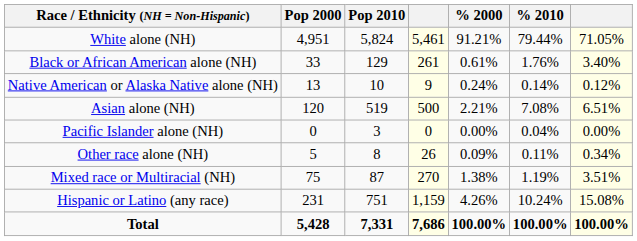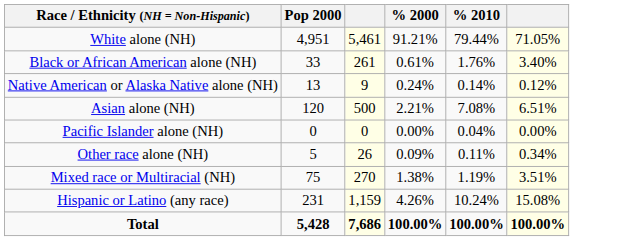 <table class="wikitable"  style="text-align:center;">
 <tr>
 <th>Race / Ethnicity <small>(<em>NH = Non-Hispanic</em>)</small></th>
 <th>Pop 2000</th>
-<th>Pop 2010</th>
 <th></th>
 <th>% 2000</th>
 <th>% 2010</th>
 <th></th>
 </tr>
 <tr>
 <td><a href='#'>White</a> alone (NH)</td>
 <td>4,951</td>
-<td>5,824</td>
 <td style='background: #ffffe6;'>5,461</td>
 <td>91.21%</td>
 <td>79.44%</td>
 <td style='background: #ffffe6;'>71.05%</td>
 </tr>
 <tr>
 <td><a href='#'>Black or African American</a> alone (NH)</td>
 <td>33</td>
-<td>129</td>
 <td style='background: #ffffe6;'>261</td>
 <td>0.61%</td>
 <td>1.76%</td>
 <td style='background: #ffffe6;'>3.40%</td>
 </tr>
 <tr>
 <td><a href='#'>Native American</a> or <a href='#'>Alaska Native</a> alone (NH)</td>
 <td>13</td>
-<td>10</td>
 <td style='background: #ffffe6;'>9</td>
 <td>0.24%</td>
 <td>0.14%</td>
 <td style='background: #ffffe6;'>0.12%</td>
 </tr>
 <tr>
 <td><a href='#'>Asian</a> alone (NH)</td>
 <td>120</td>
-<td>519</td>
 <td style='background: #ffffe6;'>500</td>
 <td>2.21%</td>
 <td>7.08%</td>
 <td style='background: #ffffe6;'>6.51%</td>
 </tr>
 <tr>
 <td><a href='#'>Pacific Islander</a> alone (NH)</td>
 <td>0</td>
-<td>3</td>
 <td style='background: #ffffe6;'>0</td>
 <td>0.00%</td>
 <td>0.04%</td>
 <td style='background: #ffffe6;'>0.00%</td>
 </tr>
 <tr>
 <td><a href='#'>Other race</a> alone (NH)</td>
 <td>5</td>
-<td>8</td>
 <td style='background: #ffffe6;'>26</td>
 <td>0.09%</td>
 <td>0.11%</td>
 <td style='background: #ffffe6;'>0.34%</td>
 </tr>
 <tr>
 <td><a href='#'>Mixed race or Multiracial</a> (NH)</td>
 <td>75</td>
-<td>87</td>
 <td style='background: #ffffe6;'>270</td>
 <td>1.38%</td>
 <td>1.19%</td>
 <td style='background: #ffffe6;'>3.51%</td>
 </tr>
 <tr>
 <td><a href='#'>Hispanic or Latino</a> (any race)</td>
 <td>231</td>
-<td>751</td>
 <td style='background: #ffffe6;'>1,159</td>
 <td>4.26%</td>
 <td>10.24%</td>
 <td style='background: #ffffe6;'>15.08%</td>
 </tr>
 <tr>
 <td><strong>Total</strong></td>
 <td><strong>5,428</strong></td>
-<td><strong>7,331</strong></td>
 <td style='background: #ffffe6;'><strong>7,686</strong></td>
 <td><strong>100.00%</strong></td>
 <td><strong>100.00%</strong></td>
 <td style='background: #ffffe6;'><strong>100.00%</strong></td>
 </tr>
 </table>
